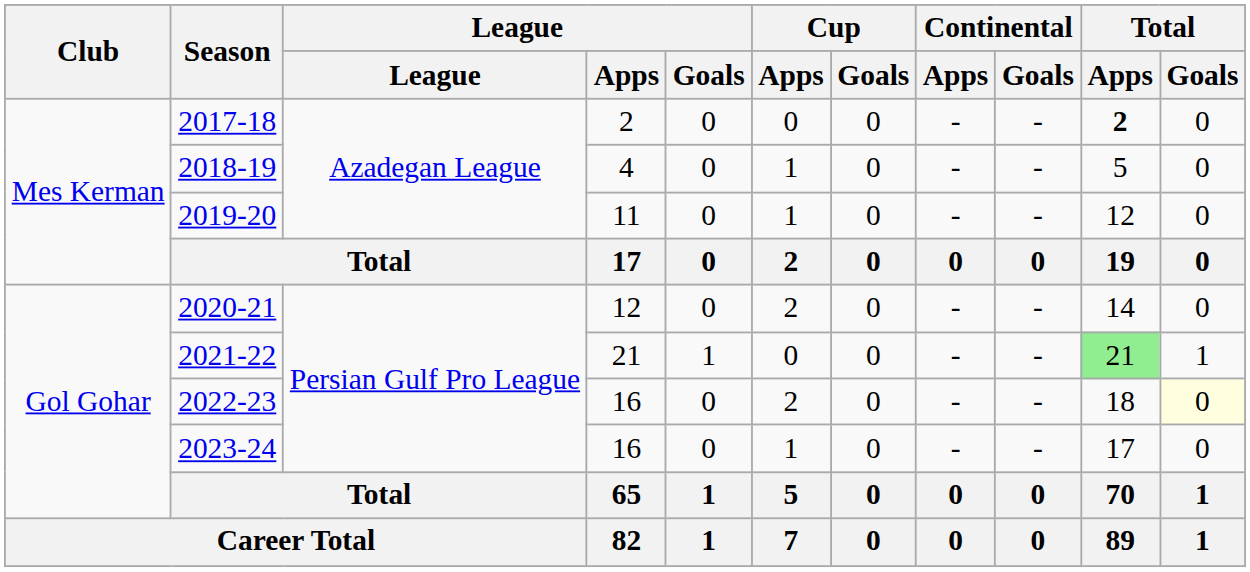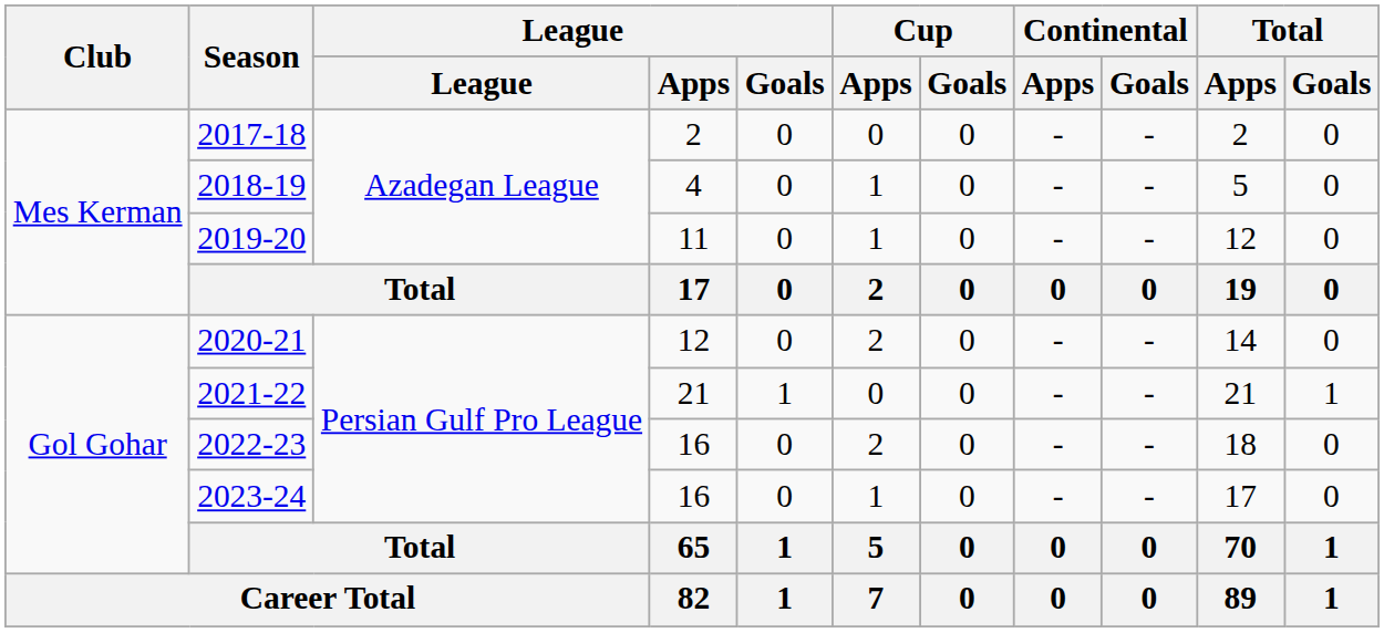 <table class="wikitable" style="text-align: center;">
 <tr>
 <th rowspan=2>Club</th>
 <th rowspan=2>Season</th>
 <th colspan=3>League</th>
 <th colspan=2>Cup</th>
 <th colspan=2>Continental</th>
 <th colspan=2>Total</th>
 </tr>
 <tr>
 <th>League</th>
 <th>Apps</th>
 <th>Goals</th>
 <th>Apps</th>
 <th>Goals</th>
 <th>Apps</th>
 <th>Goals</th>
 <th>Apps</th>
 <th>Goals</th>
 </tr>
 <tr>
 <td rowspan="4"><a href='#'>Mes Kerman</a></td>
 <td><a href='#'>2017-18</a></td>
 <td rowspan="3"><a href='#'>Azadegan League</a></td>
 <td>2</td>
 <td>0</td>
 <td>0</td>
 <td>0</td>
 <td>-</td>
 <td>-</td>
-<td><strong>2</strong></td>
+<td>2</td>
 <td>0</td>
 </tr>
 <tr>
 <td><a href='#'>2018-19</a></td>
 <td>4</td>
 <td>0</td>
 <td>1</td>
 <td>0</td>
 <td>-</td>
 <td>-</td>
 <td>5</td>
 <td>0</td>
 </tr>
 <tr>
 <td><a href='#'>2019-20</a></td>
 <td>11</td>
 <td>0</td>
 <td>1</td>
 <td>0</td>
 <td>-</td>
 <td>-</td>
 <td>12</td>
 <td>0</td>
 </tr>
 <tr>
 <th colspan=2>Total</th>
 <th>17</th>
 <th>0</th>
 <th>2</th>
 <th>0</th>
 <th>0</th>
 <th>0</th>
 <th>19</th>
 <th>0</th>
 </tr>
 <tr>
 <td rowspan="5"><a href='#'>Gol Gohar</a></td>
 <td><a href='#'>2020-21</a></td>
 <td rowspan="4"><a href='#'>Persian Gulf Pro League</a></td>
 <td>12</td>
 <td>0</td>
 <td>2</td>
 <td>0</td>
 <td>-</td>
 <td>-</td>
 <td>14</td>
 <td>0</td>
 </tr>
 <tr>
 <td><a href='#'>2021-22</a></td>
 <td>21</td>
 <td>1</td>
 <td>0</td>
 <td>0</td>
 <td>-</td>
 <td>-</td>
-<td style="background: lightgreen;">21</td>
+<td>21</td>
 <td>1</td>
 </tr>
 <tr>
 <td><a href='#'>2022-23</a></td>
 <td>16</td>
 <td>0</td>
 <td>2</td>
 <td>0</td>
 <td>-</td>
 <td>-</td>
 <td>18</td>
-<td style="background: lightyellow;">0</td>
+<td>0</td>
 </tr>
 <tr>
 <td><a href='#'>2023-24</a></td>
 <td>16</td>
 <td>0</td>
 <td>1</td>
 <td>0</td>
 <td>-</td>
 <td>-</td>
 <td>17</td>
 <td>0</td>
 </tr>
 <tr>
 <th colspan=2>Total</th>
 <th>65</th>
 <th>1</th>
 <th>5</th>
 <th>0</th>
 <th>0</th>
 <th>0</th>
 <th>70</th>
 <th>1</th>
 </tr>
 <tr>
 <th colspan=3>Career Total</th>
 <th>82</th>
 <th>1</th>
 <th>7</th>
 <th>0</th>
 <th>0</th>
 <th>0</th>
 <th>89</th>
 <th>1</th>
 </tr>
 </table>
